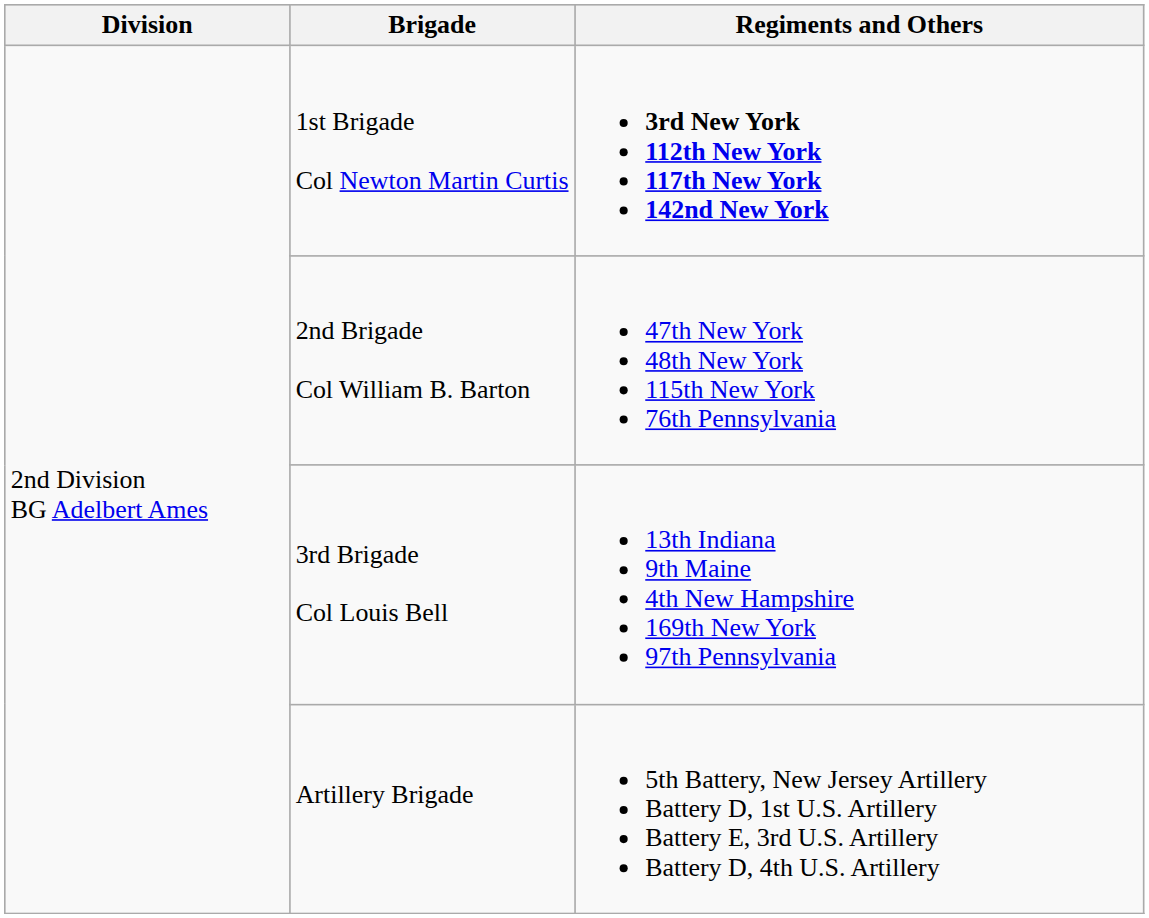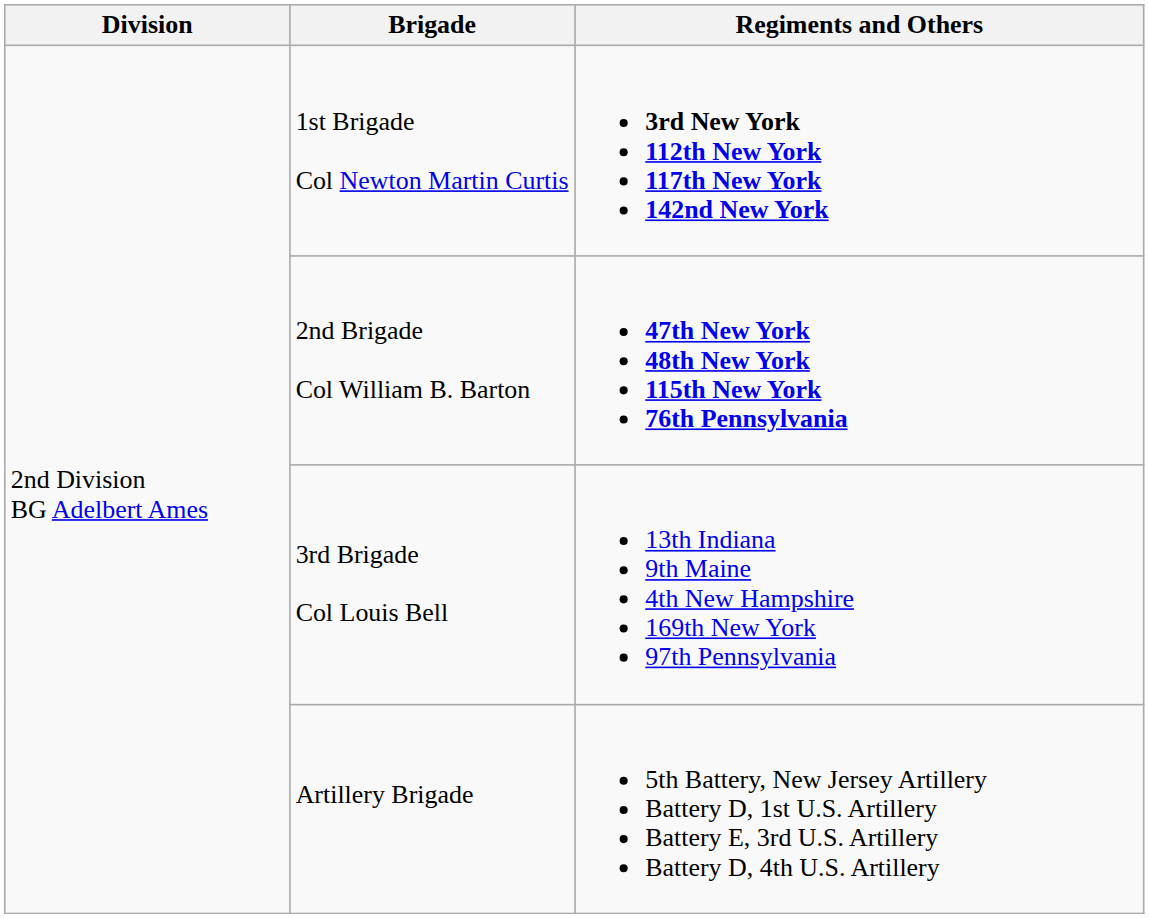 <table class="wikitable">
 <tr>
 <th width=25%>Division</th>
 <th width=25%>Brigade</th>
 <th>Regiments and Others</th>
 </tr>
 <tr>
 <td rowspan=4><br>2nd Division <br> BG <a href='#'>Adelbert Ames</a></td>
 <td>1st Brigade<br><br> Col <a href='#'>Newton Martin Curtis</a></td>
 <td><strong><br><ul><li>3rd New York</li><li><a href='#'>112th New York</a></li><li><a href='#'>117th New York</a></li><li><a href='#'>142nd New York</a></li></ul></strong></td>
 </tr>
 <tr>
 <td>2nd Brigade<br><br> Col William B. Barton</td>
-<td><br><ul><li><a href='#'>47th New York</a></li><li><a href='#'>48th New York</a></li><li><a href='#'>115th New York</a></li><li><a href='#'>76th Pennsylvania</a></li></ul></td>
+<td><strong><br><ul><li><a href='#'>47th New York</a></li><li><a href='#'>48th New York</a></li><li><a href='#'>115th New York</a></li><li><a href='#'>76th Pennsylvania</a></li></ul></strong></td>
 </tr>
 <tr>
 <td>3rd Brigade<br><br> Col Louis Bell</td>
 <td><br><ul><li><a href='#'>13th Indiana</a></li><li><a href='#'>9th Maine</a></li><li><a href='#'>4th New Hampshire</a></li><li><a href='#'>169th New York</a></li><li><a href='#'>97th Pennsylvania</a></li></ul></td>
 </tr>
 <tr>
 <td>Artillery Brigade<br><br></td>
 <td><br><ul><li>5th Battery, New Jersey Artillery</li><li>Battery D, 1st U.S. Artillery</li><li>Battery E, 3rd U.S. Artillery</li><li>Battery D, 4th U.S. Artillery</li></ul></td>
 </tr>
 <tr>
 </tr>
 </table>
